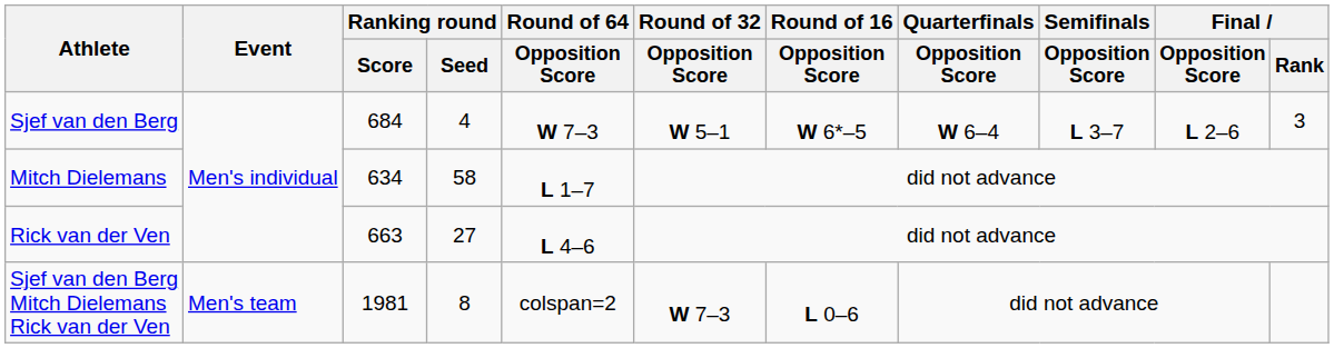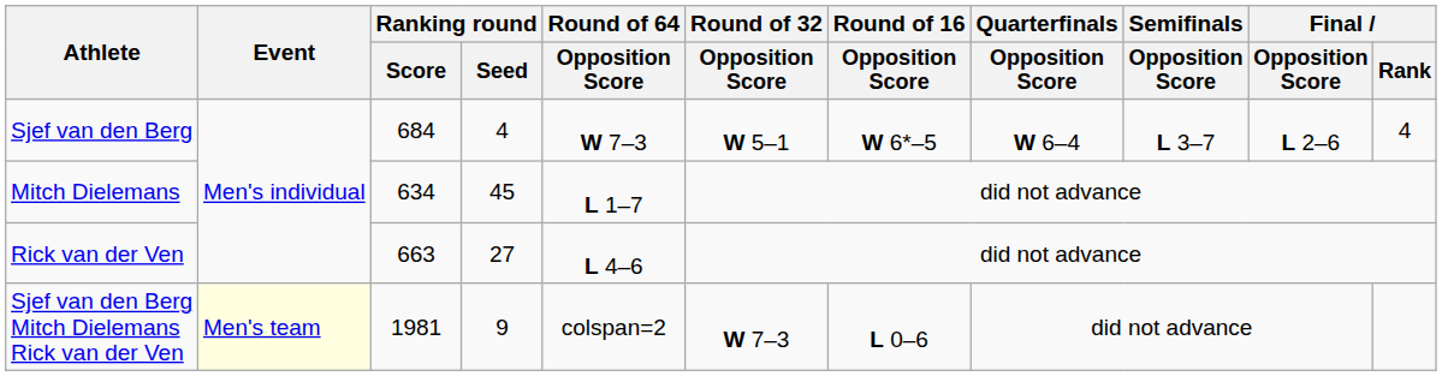 <table class="wikitable" style="font-size:90%">
 <tr Test>
 <th rowspan=2>Athlete</th>
 <th rowspan=2>Event</th>
 <th colspan="2">Ranking round</th>
 <th>Round of 64</th>
 <th>Round of 32</th>
 <th>Round of 16</th>
 <th>Quarterfinals</th>
 <th>Semifinals</th>
 <th colspan="2">Final / </th>
 </tr>
 <tr style="font-size:95%">
 <th>Score</th>
 <th>Seed</th>
 <th>Opposition<br>Score</th>
 <th>Opposition<br>Score</th>
 <th>Opposition<br>Score</th>
 <th>Opposition<br>Score</th>
 <th>Opposition<br>Score</th>
 <th>Opposition<br>Score</th>
 <th>Rank</th>
 </tr>
 <tr align=center>
 <td align=left><a href='#'>Sjef van den Berg</a></td>
 <td align=left rowspan=3><a href='#'>Men's individual</a></td>
 <td>684</td>
 <td>4</td>
 <td><br><strong>W</strong> 7–3</td>
 <td><br><strong>W</strong> 5–1</td>
 <td><br><strong>W</strong> 6*–5</td>
 <td><br><strong>W</strong> 6–4</td>
 <td><br><strong>L</strong> 3–7</td>
 <td><br><strong>L</strong> 2–6</td>
-<td>3</td>
+<td>4</td>
 </tr>
 <tr align=center>
 <td align=left><a href='#'>Mitch Dielemans</a></td>
 <td>634</td>
-<td>58</td>
+<td>45</td>
 <td><br><strong>L</strong> 1–7</td>
 <td colspan=6>did not advance</td>
 </tr>
 <tr align=center>
 <td align=left><a href='#'>Rick van der Ven</a></td>
 <td>663</td>
 <td>27</td>
 <td><br><strong>L</strong> 4–6</td>
 <td colspan=6>did not advance</td>
 </tr>
 <tr align=center>
 <td align=left><a href='#'>Sjef van den Berg</a><br><a href='#'>Mitch Dielemans</a><br><a href='#'>Rick van der Ven</a></td>
-<td align=left><a href='#'>Men's team</a></td>
+<td align=left style="background: lightyellow;"><a href='#'>Men's team</a></td>
 <td>1981</td>
-<td>8</td>
+<td>9</td>
 <td>colspan=2 </td>
 <td><br><strong>W</strong> 7–3</td>
 <td><br><strong>L</strong> 0–6</td>
 <td colspan=3>did not advance</td>
 </tr>
 </table>
